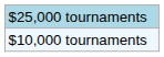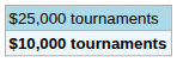 <table class="wikitable" style="font-size:90%;" width=12%>
 <tr style="background:lightblue;">
 <td>$25,000 tournaments</td>
 </tr>
 <tr style="background:#f0f8ff;">
-<td>$10,000 tournaments</td>
+<td><strong>$10,000 tournaments</strong></td>
 </tr>
 </table>
